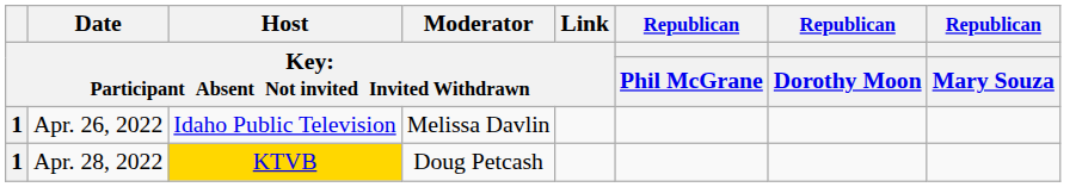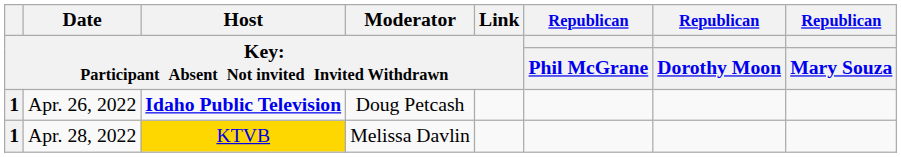 <table class="wikitable" style="text-align:center;">
 <tr>
 <th scope="col"></th>
 <th scope="col">Date</th>
 <th scope="col">Host</th>
 <th scope="col">Moderator</th>
 <th scope="col">Link</th>
 <th scope="col"><small><a href='#'>Republican</a></small></th>
 <th scope="col"><small><a href='#'>Republican</a></small></th>
 <th scope="col"><small><a href='#'>Republican</a></small></th>
 </tr>
 <tr>
 <th colspan="5" rowspan="2">Key:<br> <small>Participant </small>  <small>Absent </small>  <small>Not invited </small>  <small>Invited  Withdrawn</small></th>
 <th scope="col" style="background:"></th>
 <th scope="col" style="background:"></th>
 <th scope="col" style="background:"></th>
 </tr>
 <tr>
 <th scope="col"><a href='#'>Phil McGrane</a></th>
 <th scope="col"><a href='#'>Dorothy Moon</a></th>
 <th scope="col"><a href='#'>Mary Souza</a></th>
 </tr>
 <tr>
 <th>1</th>
 <td style="white-space:nowrap;">Apr. 26, 2022</td>
-<td style="white-space:nowrap;"><a href='#'>Idaho Public Television</a></td>
-<td style="white-space:nowrap;">Melissa Davlin</td>
+<td style="white-space:nowrap;"><strong><a href='#'>Idaho Public Television</a></strong></td>
+<td style="white-space:nowrap;">Doug Petcash</td>
 <td style="white-space:nowrap;"></td>
 <td></td>
 <td></td>
 <td></td>
 </tr>
 <tr>
 <th>1</th>
 <td style="white-space:nowrap;">Apr. 28, 2022</td>
 <td style="background: gold; white-space:nowrap;"><a href='#'>KTVB</a></td>
-<td style="white-space:nowrap;">Doug Petcash</td>
+<td style="white-space:nowrap;">Melissa Davlin</td>
 <td style="white-space:nowrap;"></td>
 <td></td>
 <td></td>
 <td></td>
 </tr>
 </table>
